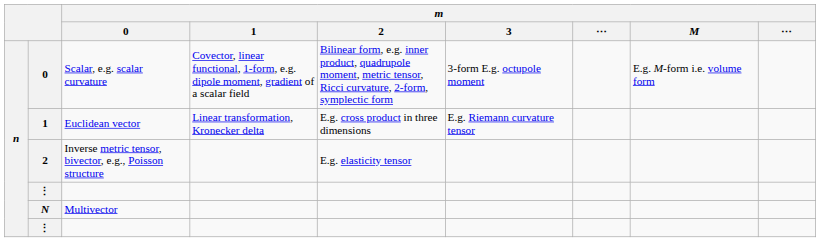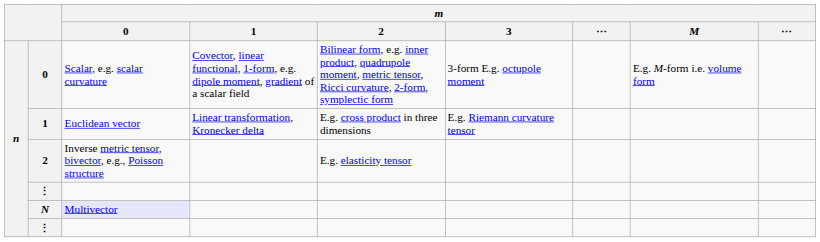 <table class="wikitable">
 <tr>
 <th colspan=2 rowspan=2 width="75px"></th>
 <th colspan=7><em>m</em></th>
 </tr>
 <tr>
 <th scope="col" width="175px">0</th>
 <th scope="col" width="175px">1</th>
 <th scope="col" width="175px">2</th>
 <th scope="col" width="175px">3</th>
 <th scope="col" width="75px">⋯</th>
 <th scope="col" width="175px"><em>M</em></th>
 <th scope="col" width="75px">⋯</th>
 </tr>
 <tr>
 <th rowspan=6><em>n</em></th>
 <th scope="row">0</th>
 <td><a href='#'>Scalar</a>, e.g. <a href='#'>scalar curvature</a></td>
 <td><a href='#'>Covector</a>, <a href='#'>linear functional</a>, <a href='#'>1-form</a>, e.g. <a href='#'>dipole moment</a>, <a href='#'>gradient</a> of a scalar field</td>
 <td><a href='#'>Bilinear form</a>, e.g. <a href='#'>inner product</a>, <a href='#'>quadrupole moment</a>, <a href='#'>metric tensor</a>, <a href='#'>Ricci curvature</a>, <a href='#'>2-form</a>, <a href='#'>symplectic form</a></td>
 <td>3-form E.g. <a href='#'>octupole moment</a></td>
 <td></td>
 <td>E.g. <em>M</em>-form i.e. <a href='#'>volume form</a></td>
 <td></td>
 </tr>
 <tr>
 <th scope="row">1</th>
 <td><a href='#'>Euclidean vector</a></td>
 <td><a href='#'>Linear transformation</a>,  <a href='#'>Kronecker delta</a></td>
 <td>E.g. <a href='#'>cross product</a> in three dimensions</td>
 <td>E.g. <a href='#'>Riemann curvature tensor</a></td>
 <td></td>
 <td></td>
 <td></td>
 </tr>
 <tr>
 <th scope="row">2</th>
 <td>Inverse <a href='#'>metric tensor</a>, <a href='#'>bivector</a>, e.g., <a href='#'>Poisson structure</a></td>
 <td></td>
 <td>E.g. <a href='#'>elasticity tensor</a></td>
 <td></td>
 <td></td>
 <td></td>
 <td></td>
 </tr>
 <tr>
 <th scope="row">⋮</th>
 <td></td>
 <td></td>
 <td></td>
 <td></td>
 <td></td>
 <td></td>
 <td></td>
 </tr>
 <tr>
 <th scope="row"><em>N</em></th>
-<td><a href='#'>Multivector</a></td>
+<td style="background: lavender;"><a href='#'>Multivector</a></td>
 <td></td>
 <td></td>
 <td></td>
 <td></td>
 <td></td>
 <td></td>
 </tr>
 <tr>
 <th scope="row">⋮</th>
 <td></td>
 <td></td>
 <td></td>
 <td></td>
 <td></td>
 <td></td>
 <td></td>
 </tr>
 </table>
